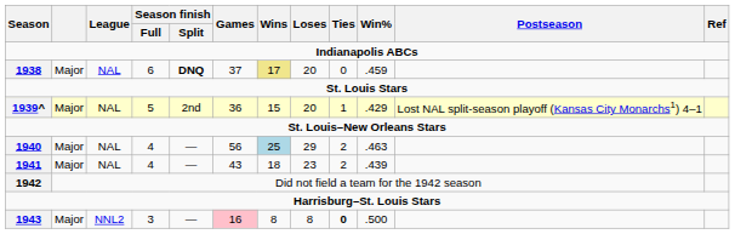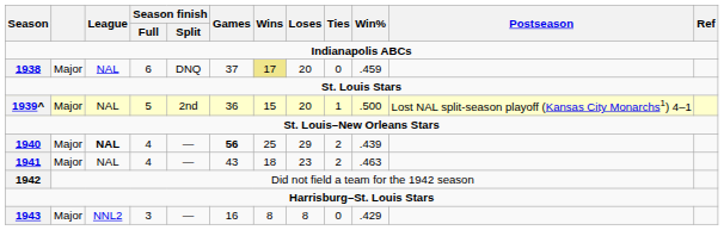 <table class="wikitable sortable" style="text-align:center; font-size:95%">
 <tr>
 <th rowspan="2">Season</th>
 <th rowspan="2"></th>
 <th rowspan="2">League</th>
 <th colspan="2">Season finish</th>
 <th rowspan="2">Games</th>
 <th rowspan="2">Wins</th>
 <th rowspan="2">Loses</th>
 <th rowspan="2">Ties</th>
 <th rowspan="2">Win%</th>
 <th rowspan="2"><a href='#'>Postseason</a></th>
 <th rowspan="2">Ref</th>
 </tr>
 <tr>
 <th>Full</th>
 <th>Split</th>
 </tr>
 <tr>
 <td align="center" colspan="12"><strong>Indianapolis ABCs</strong></td>
 </tr>
 <tr>
 <th><a href='#'>1938</a></th>
 <td>Major</td>
 <td><a href='#'>NAL</a></td>
 <td>6</td>
-<td><strong>DNQ</strong></td>
+<td>DNQ</td>
 <td>37</td>
 <td style="background: khaki;">17</td>
 <td>20</td>
 <td>0</td>
 <td>.459</td>
 <td></td>
 <td></td>
 </tr>
 <tr>
 <td align="center" colspan="12"><strong>St. Louis Stars</strong></td>
 </tr>
 <tr bgcolor="#FFFFCC">
 <th><a href='#'>1939</a>^</th>
 <td>Major</td>
 <td>NAL</td>
 <td>5</td>
 <td>2nd</td>
 <td>36</td>
 <td>15</td>
 <td>20</td>
 <td>1</td>
-<td>.429</td>
+<td>.500</td>
 <td>Lost NAL split-season playoff (<a href='#'>Kansas City Monarchs</a><sup>1</sup>) 4–1</td>
 <td></td>
 </tr>
 <tr>
 <td align="center" colspan="12"><strong>St. Louis–New Orleans Stars</strong></td>
 </tr>
 <tr>
 <th><a href='#'>1940</a></th>
 <td>Major</td>
-<td>NAL</td>
+<td><strong>NAL</strong></td>
 <td>4</td>
 <td>—</td>
-<td>56</td>
-<td style="background: lightblue;">25</td>
+<td><strong>56</strong></td>
+<td>25</td>
 <td>29</td>
 <td>2</td>
-<td>.463</td>
+<td>.439</td>
 <td></td>
 <td></td>
 </tr>
 <tr>
 <th><a href='#'>1941</a></th>
 <td>Major</td>
 <td>NAL</td>
 <td>4</td>
 <td>—</td>
 <td>43</td>
 <td>18</td>
 <td>23</td>
 <td>2</td>
-<td>.439</td>
+<td>.463</td>
 <td></td>
 <td></td>
 </tr>
 <tr>
 <th>1942</th>
 <td colspan="10">Did not field a team for the 1942 season</td>
 <td></td>
 </tr>
 <tr>
 <td align="center" colspan="12"><strong>Harrisburg–St. Louis Stars</strong></td>
 </tr>
 <tr>
 <th><a href='#'>1943</a></th>
 <td>Major</td>
 <td><a href='#'>NNL2</a></td>
 <td>3</td>
 <td>—</td>
-<td style="background: pink;">16</td>
+<td>16</td>
 <td>8</td>
 <td>8</td>
-<td><strong>0</strong></td>
-<td>.500</td>
+<td>0</td>
+<td>.429</td>
 <td></td>
 <td></td>
 </tr>
 </table>
